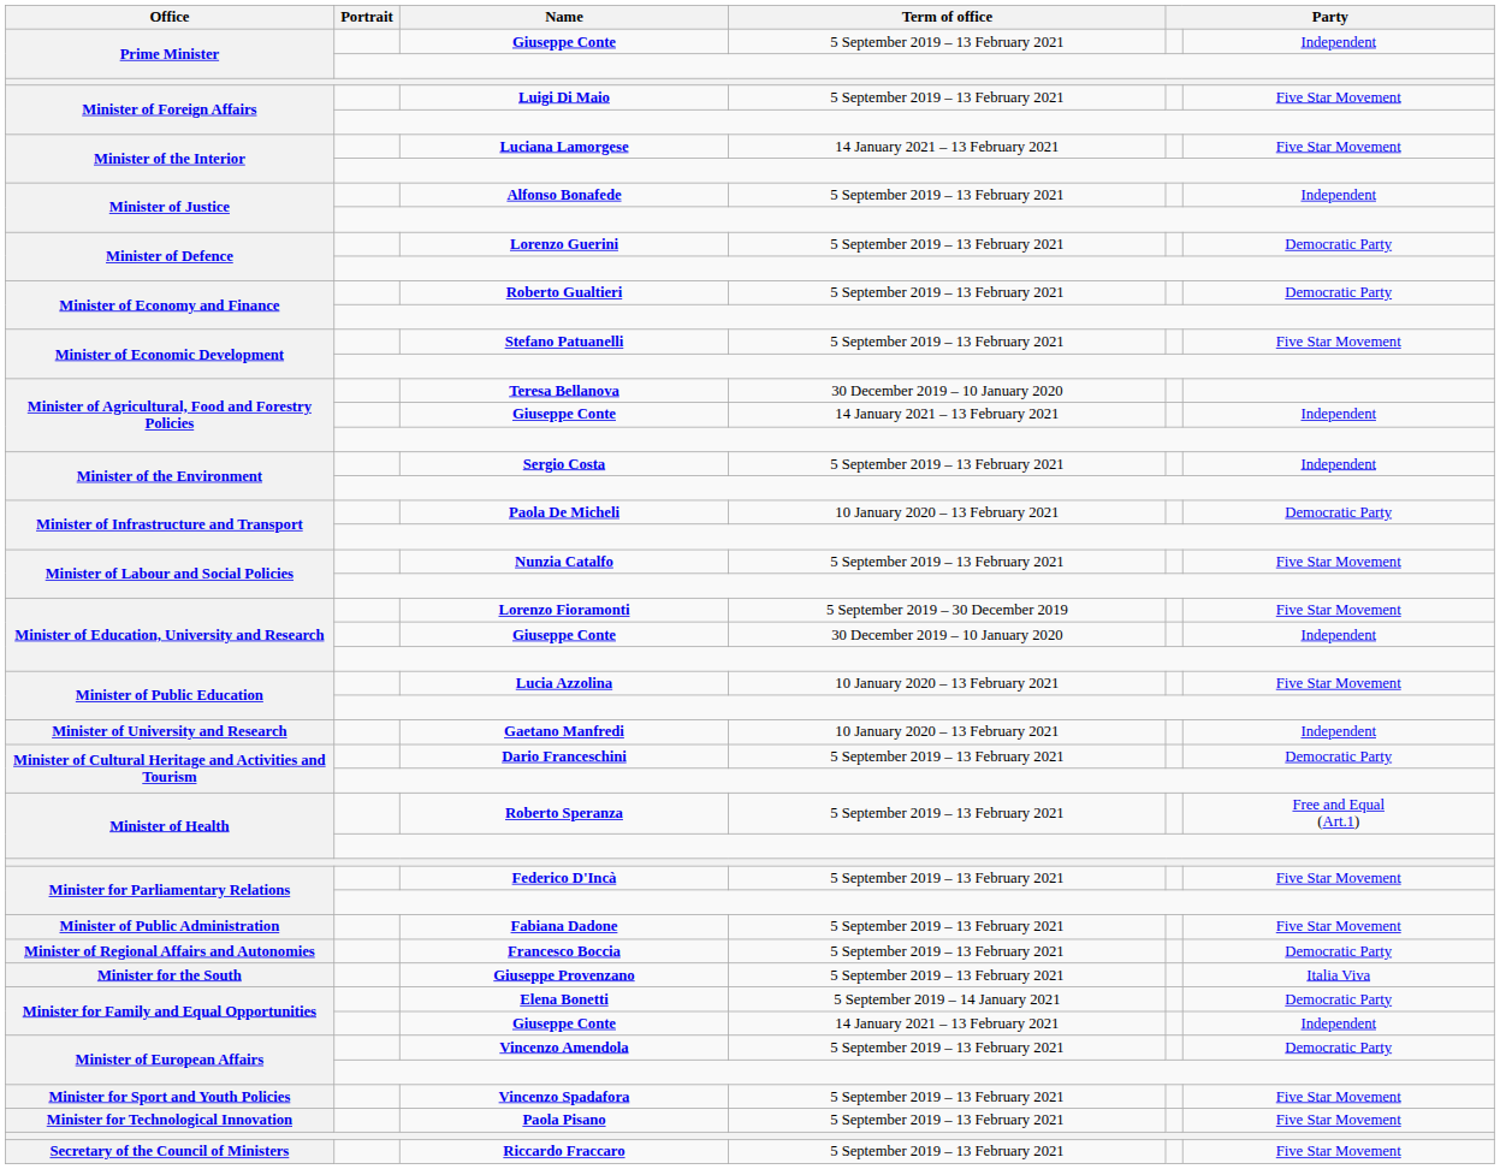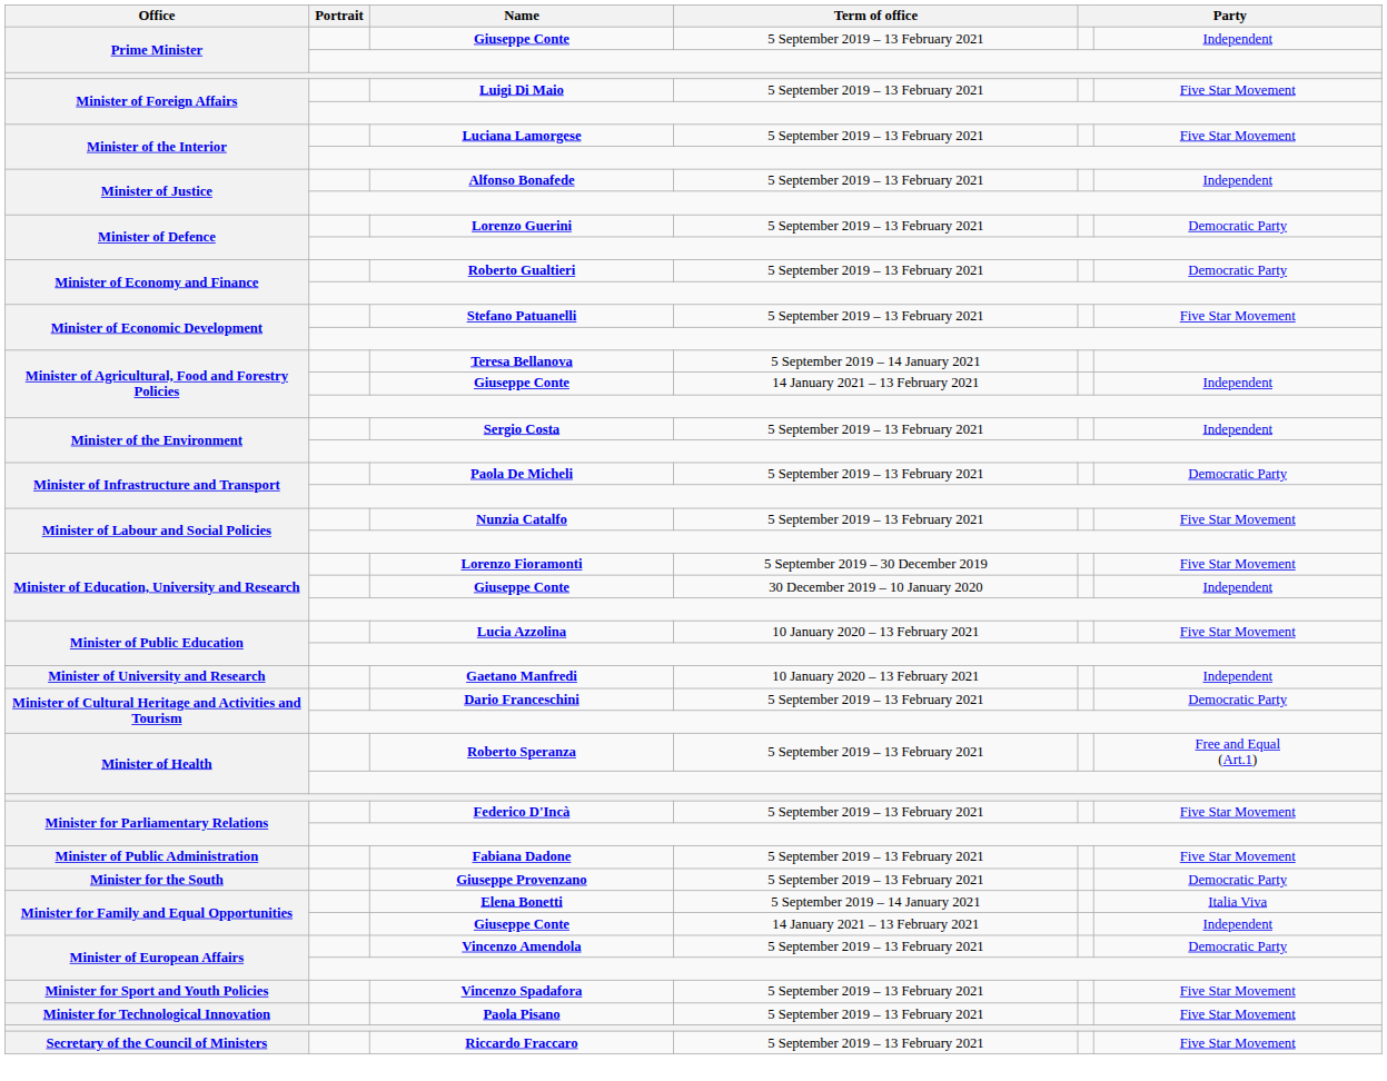 <table class="wikitable" style="text-align:center;">
 <tr>
 <th width=15%>Office</th>
 <th width=1%>Portrait</th>
 <th width=15%>Name</th>
 <th width=20%>Term of office</th>
 <th width=15% colspan=2>Party</th>
 </tr>
 <tr>
 <th rowspan=2><a href='#'>Prime Minister</a></th>
 <td></td>
 <td><strong><a href='#'>Giuseppe Conte</a></strong></td>
 <td>5 September 2019 – 13 February 2021</td>
 <td style="color:inherit;background:"></td>
 <td><a href='#'>Independent</a></td>
 </tr>
 <tr>
 <td colspan="5" style="font-size:95%; line-height:19px;"><br></td>
 </tr>
 <tr>
 <th colspan=6></th>
 </tr>
 <tr>
 <th rowspan=2><a href='#'>Minister of Foreign Affairs</a></th>
 <td></td>
 <td><strong><a href='#'>Luigi Di Maio</a></strong></td>
 <td>5 September 2019 – 13 February 2021</td>
 <td style="color:inherit;background:"></td>
 <td><a href='#'>Five Star Movement</a></td>
 </tr>
 <tr>
 <td colspan="5" style="font-size:95%; line-height:19px;"><br> </td>
 </tr>
 <tr>
 <th rowspan=2><a href='#'>Minister of the Interior</a></th>
 <td></td>
 <td><strong><a href='#'>Luciana Lamorgese</a></strong></td>
-<td>14 January 2021 – 13 February 2021</td>
+<td>5 September 2019 – 13 February 2021</td>
 <td style="color:inherit;background:"></td>
 <td><a href='#'>Five Star Movement</a></td>
 </tr>
 <tr>
 <td colspan="5" style="font-size:95%; line-height:19px;"><br> </td>
 </tr>
 <tr>
 <th rowspan=2><a href='#'>Minister of Justice</a></th>
 <td></td>
 <td><strong><a href='#'>Alfonso Bonafede</a></strong></td>
 <td>5 September 2019 – 13 February 2021</td>
 <td style="color:inherit;background:"></td>
 <td><a href='#'>Independent</a></td>
 </tr>
 <tr>
 <td colspan="5" style="font-size:95%; line-height:19px;"><br></td>
 </tr>
 <tr>
 <th rowspan=2><a href='#'>Minister of Defence</a></th>
 <td></td>
 <td><strong><a href='#'>Lorenzo Guerini</a></strong></td>
 <td>5 September 2019 – 13 February 2021</td>
 <td style="color:inherit;background:"></td>
 <td><a href='#'>Democratic Party</a></td>
 </tr>
 <tr>
 <td colspan="5" style="font-size:95%; line-height:19px;"><br></td>
 </tr>
 <tr>
 <th rowspan=2><a href='#'>Minister of Economy and Finance</a></th>
 <td></td>
 <td><strong><a href='#'>Roberto Gualtieri</a></strong></td>
 <td>5 September 2019 – 13 February 2021</td>
 <td style="color:inherit;background:"></td>
 <td><a href='#'>Democratic Party</a></td>
 </tr>
 <tr>
 <td colspan="5" style="font-size:95%; line-height:19px;"><br> </td>
 </tr>
 <tr>
 <th rowspan=2><a href='#'>Minister of Economic Development</a></th>
 <td></td>
 <td><strong><a href='#'>Stefano Patuanelli</a></strong></td>
 <td>5 September 2019 – 13 February 2021</td>
 <td style="color:inherit;background:"></td>
 <td><a href='#'>Five Star Movement</a></td>
 </tr>
 <tr>
 <td colspan="5" style="font-size:95%; line-height:19px;"><br> </td>
 </tr>
 <tr>
 <th rowspan=3><a href='#'>Minister of Agricultural, Food and Forestry Policies</a></th>
 <td></td>
 <td><strong><a href='#'>Teresa Bellanova</a></strong></td>
-<td>30 December 2019 – 10 January 2020</td>
+<td>5 September 2019 – 14 January 2021</td>
 <td></td>
 <td></td>
 </tr>
 <tr>
 <td></td>
 <td><strong><a href='#'>Giuseppe Conte</a></strong><br></td>
 <td>14 January 2021 – 13 February 2021</td>
 <td style="color:inherit;background:"></td>
 <td><a href='#'>Independent</a></td>
 </tr>
 <tr>
 <td colspan="5" style="font-size:95%; line-height:19px;"><br></td>
 </tr>
 <tr>
 <th rowspan=2><a href='#'>Minister of the Environment</a></th>
 <td></td>
 <td><strong><a href='#'>Sergio Costa</a></strong></td>
 <td>5 September 2019 – 13 February 2021</td>
 <td style="color:inherit;background:"></td>
 <td><a href='#'>Independent</a></td>
 </tr>
 <tr>
 <td colspan="5" style="font-size:95%; line-height:19px;"><br></td>
 </tr>
 <tr>
 <th rowspan=2><a href='#'>Minister of Infrastructure and Transport</a></th>
 <td></td>
 <td><strong><a href='#'>Paola De Micheli</a></strong></td>
-<td>10 January 2020 – 13 February 2021</td>
+<td>5 September 2019 – 13 February 2021</td>
 <td style="color:inherit;background:"></td>
 <td><a href='#'>Democratic Party</a></td>
 </tr>
 <tr>
 <td colspan="5" style="font-size:95%; line-height:19px;"><br> </td>
 </tr>
 <tr>
 <th rowspan=2><a href='#'>Minister of Labour and Social Policies</a></th>
 <td></td>
 <td><strong><a href='#'>Nunzia Catalfo</a></strong></td>
 <td>5 September 2019 – 13 February 2021</td>
 <td style="color:inherit;background:"></td>
 <td><a href='#'>Five Star Movement</a></td>
 </tr>
 <tr>
 <td colspan="5" style="font-size:95%; line-height:19px;"><br></td>
 </tr>
 <tr>
 <th rowspan=3><a href='#'>Minister of Education, University and Research</a></th>
 <td></td>
 <td><strong><a href='#'>Lorenzo Fioramonti</a></strong></td>
 <td>5 September 2019 – 30 December 2019</td>
 <td style="color:inherit;background:"></td>
 <td><a href='#'>Five Star Movement</a></td>
 </tr>
 <tr>
 <td></td>
 <td><strong><a href='#'>Giuseppe Conte</a></strong><br></td>
 <td>30 December 2019 – 10 January 2020</td>
 <td style="color:inherit;background:"></td>
 <td><a href='#'>Independent</a></td>
 </tr>
 <tr>
 <td colspan="5" style="font-size:95%; line-height:19px;"><br> </td>
 </tr>
 <tr>
 <th rowspan=2><a href='#'>Minister of Public Education</a></th>
 <td></td>
 <td><strong><a href='#'>Lucia Azzolina</a></strong></td>
 <td>10 January 2020 – 13 February 2021</td>
 <td style="color:inherit;background:"></td>
 <td><a href='#'>Five Star Movement</a></td>
 </tr>
 <tr>
 <td colspan="5" style="font-size:95%; line-height:19px;"><br> </td>
 </tr>
 <tr>
 <th><a href='#'>Minister of University and Research</a></th>
 <td></td>
 <td><strong><a href='#'>Gaetano Manfredi</a></strong></td>
 <td>10 January 2020 – 13 February 2021</td>
 <td style="color:inherit;background:"></td>
 <td><a href='#'>Independent</a></td>
 </tr>
 <tr>
 <th rowspan=2><a href='#'>Minister of Cultural Heritage and Activities and Tourism</a></th>
 <td></td>
 <td><strong><a href='#'>Dario Franceschini</a></strong></td>
 <td>5 September 2019 – 13 February 2021</td>
 <td style="color:inherit;background:"></td>
 <td><a href='#'>Democratic Party</a></td>
 </tr>
 <tr>
 <td colspan="5" style="font-size:95%; line-height:19px;"><br></td>
 </tr>
 <tr>
 <th rowspan=2><a href='#'>Minister of Health</a></th>
 <td></td>
 <td><strong><a href='#'>Roberto Speranza</a></strong></td>
 <td>5 September 2019 – 13 February 2021</td>
 <td style="color:inherit;background:"></td>
 <td><a href='#'>Free and Equal</a><br>(<a href='#'>Art.1</a>)</td>
 </tr>
 <tr>
 <td colspan="5" style="font-size:95%; line-height:19px;"><br> </td>
 </tr>
 <tr>
 <th colspan=6></th>
 </tr>
 <tr>
 <th rowspan=2><a href='#'>Minister for Parliamentary Relations</a><br></th>
 <td></td>
 <td><strong><a href='#'>Federico D'Incà</a></strong></td>
 <td>5 September 2019 – 13 February 2021</td>
 <td style="color:inherit;background:"></td>
 <td><a href='#'>Five Star Movement</a></td>
 </tr>
 <tr>
 <td colspan="5" style="font-size:95%; line-height:19px;"><br></td>
 </tr>
 <tr>
 <th><a href='#'>Minister of Public Administration</a><br></th>
 <td></td>
 <td><strong><a href='#'>Fabiana Dadone</a></strong></td>
 <td>5 September 2019 – 13 February 2021</td>
 <td style="color:inherit;background:"></td>
 <td><a href='#'>Five Star Movement</a></td>
 </tr>
 <tr>
-<th><a href='#'>Minister of Regional Affairs and Autonomies</a><br></th>
-<td></td>
-<td><strong><a href='#'>Francesco Boccia</a></strong></td>
-<td>5 September 2019 – 13 February 2021</td>
-<td style="color:inherit;background:"></td>
-<td><a href='#'>Democratic Party</a></td>
-</tr>
-<tr>
 <th><a href='#'>Minister for the South</a><br></th>
 <td></td>
 <td><strong><a href='#'>Giuseppe Provenzano</a></strong></td>
 <td>5 September 2019 – 13 February 2021</td>
 <td style="color:inherit;background:"></td>
-<td><a href='#'>Italia Viva</a><br></td>
+<td><a href='#'>Democratic Party</a></td>
 </tr>
 <tr>
 <th rowspan=2><a href='#'>Minister for Family and Equal Opportunities</a><br></th>
 <td></td>
 <td><strong><a href='#'>Elena Bonetti</a></strong></td>
 <td>5 September 2019 – 14 January 2021</td>
 <td style="color:inherit;background:"></td>
-<td><a href='#'>Democratic Party</a></td>
+<td><a href='#'>Italia Viva</a><br></td>
 </tr>
 <tr>
 <td></td>
 <td><strong><a href='#'>Giuseppe Conte</a></strong><br></td>
 <td>14 January 2021 – 13 February 2021</td>
 <td style="color:inherit;background:"></td>
 <td><a href='#'>Independent</a></td>
 </tr>
 <tr>
 <th rowspan=2><a href='#'>Minister of European Affairs</a><br></th>
 <td></td>
 <td><strong><a href='#'>Vincenzo Amendola</a></strong></td>
 <td>5 September 2019 – 13 February 2021</td>
 <td style="color:inherit;background:"></td>
 <td><a href='#'>Democratic Party</a></td>
 </tr>
 <tr>
 <td colspan="5" style="font-size:95%; line-height:19px;"><br></td>
 </tr>
 <tr>
 <th><a href='#'>Minister for Sport and Youth Policies</a><br></th>
 <td></td>
 <td><strong><a href='#'>Vincenzo Spadafora</a></strong></td>
 <td>5 September 2019 – 13 February 2021</td>
 <td style="color:inherit;background:"></td>
 <td><a href='#'>Five Star Movement</a></td>
 </tr>
 <tr>
 <th><a href='#'>Minister for Technological Innovation</a><br></th>
 <td></td>
 <td><strong><a href='#'>Paola Pisano</a></strong></td>
 <td>5 September 2019 – 13 February 2021</td>
 <td style="color:inherit;background:"></td>
 <td><a href='#'>Five Star Movement</a></td>
 </tr>
 <tr>
 <th colspan=6></th>
 </tr>
 <tr>
 <th><a href='#'>Secretary of the Council of Ministers</a></th>
 <td></td>
 <td><strong><a href='#'>Riccardo Fraccaro</a></strong></td>
 <td>5 September 2019 – 13 February 2021</td>
 <td style="color:inherit;background:"></td>
 <td><a href='#'>Five Star Movement</a></td>
 </tr>
 </table>
